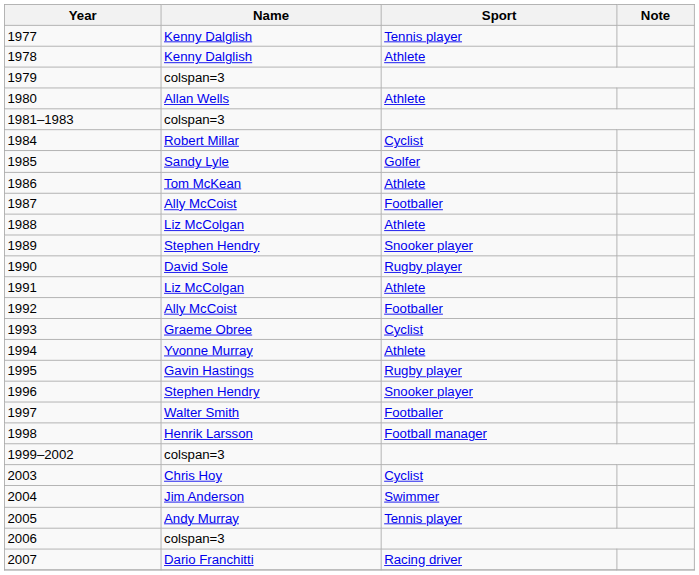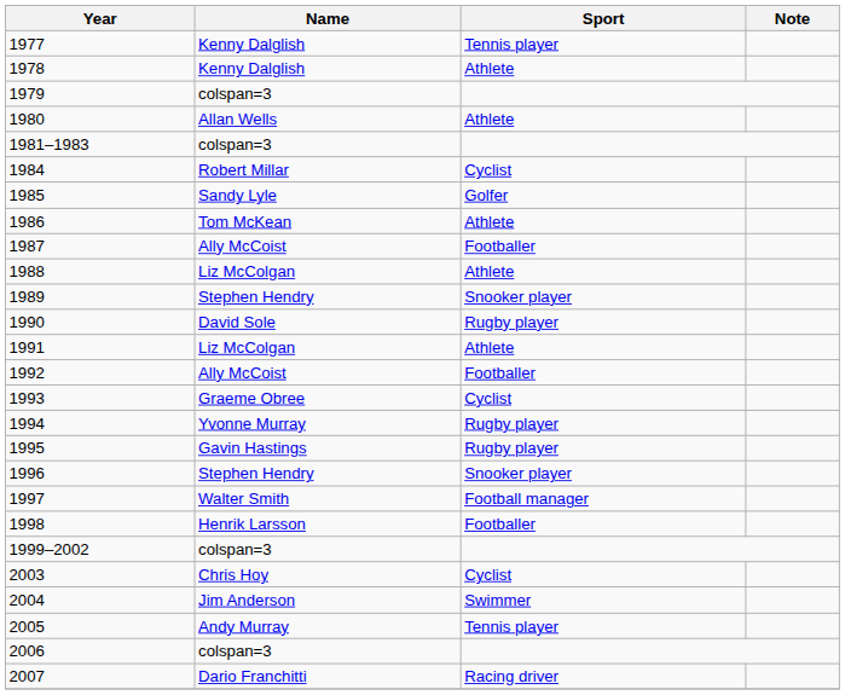 <table class="wikitable" width=40% style="font-size: 95%">
 <tr>
 <th>Year</th>
 <th>Name</th>
 <th>Sport</th>
 <th class=unsortable>Note</th>
 </tr>
 <tr>
 <td>1977</td>
 <td><a href='#'>Kenny Dalglish</a></td>
 <td><a href='#'>Tennis player</a></td>
 <td></td>
 </tr>
 <tr>
 <td>1978</td>
 <td><a href='#'>Kenny Dalglish</a></td>
 <td><a href='#'>Athlete</a></td>
 <td></td>
 </tr>
 <tr>
 <td>1979</td>
 <td>colspan=3  </td>
 </tr>
 <tr>
 <td>1980</td>
 <td><a href='#'>Allan Wells</a></td>
 <td><a href='#'>Athlete</a></td>
 <td></td>
 </tr>
 <tr>
 <td>1981–1983</td>
 <td>colspan=3 </td>
 </tr>
 <tr>
 <td>1984</td>
 <td><a href='#'>Robert Millar</a></td>
 <td><a href='#'>Cyclist</a></td>
 <td></td>
 </tr>
 <tr>
 <td>1985</td>
 <td><a href='#'>Sandy Lyle</a></td>
 <td><a href='#'>Golfer</a></td>
 <td></td>
 </tr>
 <tr>
 <td>1986</td>
 <td><a href='#'>Tom McKean</a></td>
 <td><a href='#'>Athlete</a></td>
 <td></td>
 </tr>
 <tr>
 <td>1987</td>
 <td><a href='#'>Ally McCoist</a></td>
 <td><a href='#'>Footballer</a></td>
 <td></td>
 </tr>
 <tr>
 <td>1988</td>
 <td><a href='#'>Liz McColgan</a></td>
 <td><a href='#'>Athlete</a></td>
 <td></td>
 </tr>
 <tr>
 <td>1989</td>
 <td><a href='#'>Stephen Hendry</a></td>
 <td><a href='#'>Snooker player</a></td>
 <td></td>
 </tr>
 <tr>
 <td>1990</td>
 <td><a href='#'>David Sole</a></td>
 <td><a href='#'>Rugby player</a></td>
 <td></td>
 </tr>
 <tr>
 <td>1991</td>
 <td><a href='#'>Liz McColgan</a></td>
 <td><a href='#'>Athlete</a></td>
 <td></td>
 </tr>
 <tr>
 <td>1992</td>
 <td><a href='#'>Ally McCoist</a></td>
 <td><a href='#'>Footballer</a></td>
 <td></td>
 </tr>
 <tr>
 <td>1993</td>
 <td><a href='#'>Graeme Obree</a></td>
 <td><a href='#'>Cyclist</a></td>
 <td></td>
 </tr>
 <tr>
 <td>1994</td>
 <td><a href='#'>Yvonne Murray</a></td>
-<td><a href='#'>Athlete</a></td>
+<td><a href='#'>Rugby player</a></td>
 <td></td>
 </tr>
 <tr>
 <td>1995</td>
 <td><a href='#'>Gavin Hastings</a></td>
 <td><a href='#'>Rugby player</a></td>
 <td></td>
 </tr>
 <tr>
 <td>1996</td>
 <td><a href='#'>Stephen Hendry</a></td>
 <td><a href='#'>Snooker player</a></td>
 <td></td>
 </tr>
 <tr>
 <td>1997</td>
 <td><a href='#'>Walter Smith</a></td>
-<td><a href='#'>Footballer</a></td>
+<td><a href='#'>Football manager</a></td>
 <td></td>
 </tr>
 <tr>
 <td>1998</td>
 <td><a href='#'>Henrik Larsson</a></td>
-<td><a href='#'>Football manager</a></td>
+<td><a href='#'>Footballer</a></td>
 <td></td>
 </tr>
 <tr>
 <td>1999–2002</td>
 <td>colspan=3 </td>
 </tr>
 <tr>
 <td>2003</td>
 <td><a href='#'>Chris Hoy</a></td>
 <td><a href='#'>Cyclist</a></td>
 <td></td>
 </tr>
 <tr>
 <td>2004</td>
 <td><a href='#'>Jim Anderson</a></td>
 <td><a href='#'>Swimmer</a></td>
 <td></td>
 </tr>
 <tr>
 <td>2005</td>
 <td><a href='#'>Andy Murray</a></td>
 <td><a href='#'>Tennis player</a></td>
 <td></td>
 </tr>
 <tr>
 <td>2006</td>
 <td>colspan=3 </td>
 </tr>
 <tr>
 <td>2007</td>
 <td><a href='#'>Dario Franchitti</a></td>
 <td><a href='#'>Racing driver</a></td>
 <td></td>
 </tr>
 <tr>
 </tr>
 </table>
